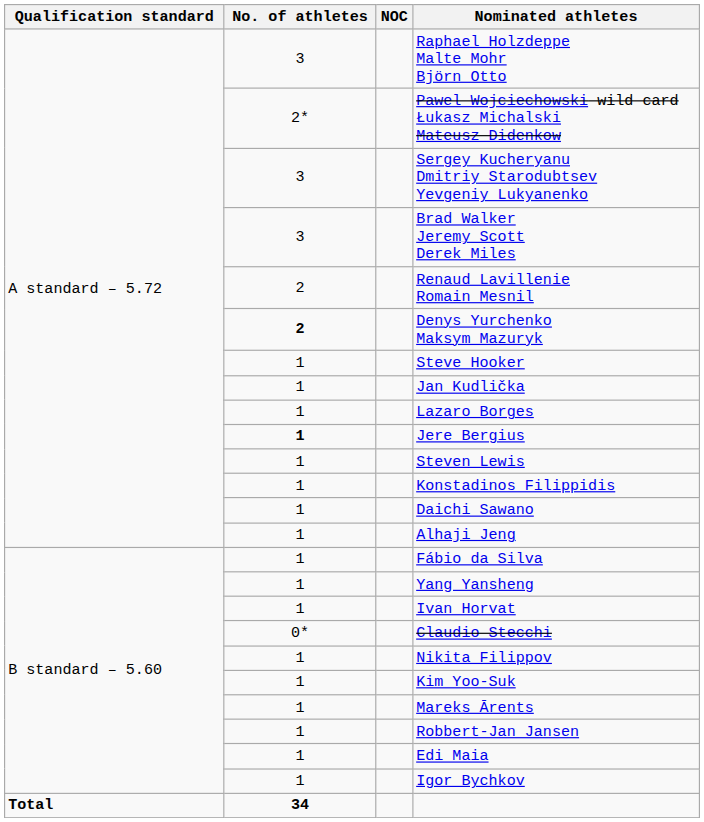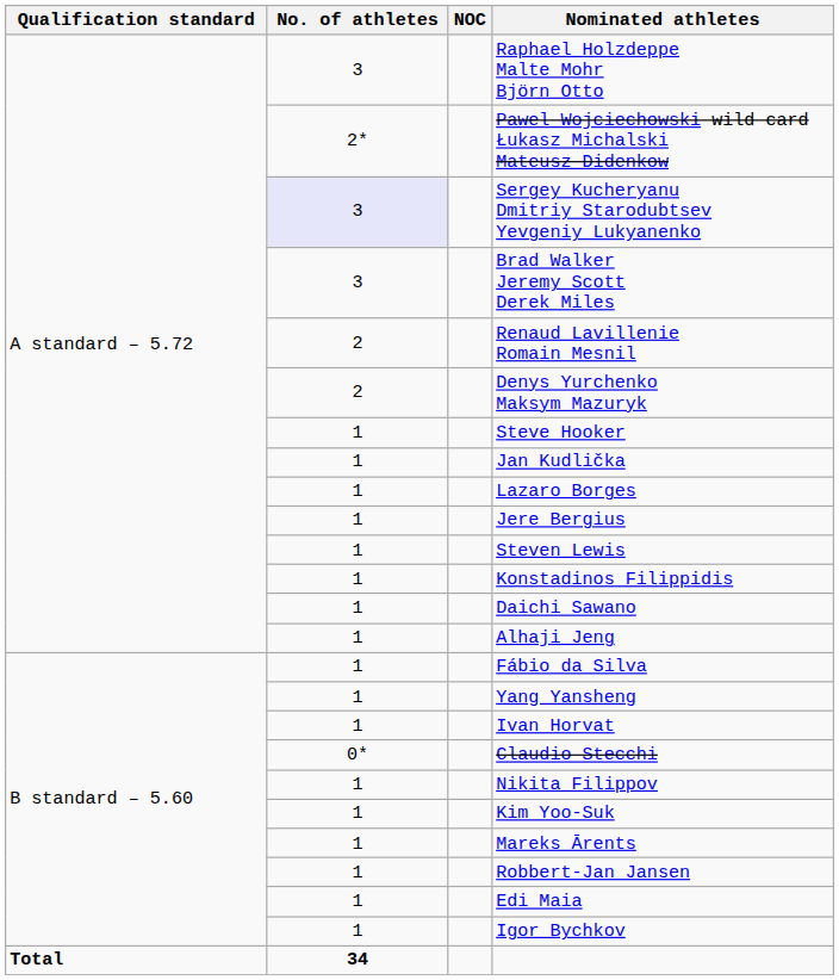 <table class="wikitable"  style="text-align:left; width:600px;">
 <tr>
 <th>Qualification standard</th>
 <th>No. of athletes</th>
 <th>NOC</th>
 <th>Nominated athletes</th>
 </tr>
 <tr>
 <td rowspan="14">A standard – 5.72</td>
 <td align=center>3</td>
 <td></td>
 <td><a href='#'>Raphael Holzdeppe</a><br><a href='#'>Malte Mohr</a><br><a href='#'>Björn Otto</a></td>
 </tr>
 <tr>
 <td align=center>2*</td>
 <td></td>
 <td><s><a href='#'>Pawel Wojciechowski</a> wild card </s><br><a href='#'>Łukasz Michalski</a><br><s><a href='#'>Mateusz Didenkow</a></s></td>
 </tr>
 <tr>
-<td align=center>3</td>
+<td align=center style="background: lavender;">3</td>
 <td></td>
 <td><a href='#'>Sergey Kucheryanu</a><br><a href='#'>Dmitriy Starodubtsev</a><br><a href='#'>Yevgeniy Lukyanenko</a></td>
 </tr>
 <tr>
 <td align=center>3</td>
 <td></td>
 <td><a href='#'>Brad Walker</a><br><a href='#'>Jeremy Scott</a><br><a href='#'>Derek Miles</a></td>
 </tr>
 <tr>
 <td align=center>2</td>
 <td></td>
 <td><a href='#'>Renaud Lavillenie</a><br><a href='#'>Romain Mesnil</a></td>
 </tr>
 <tr>
-<td align=center><strong>2</strong></td>
+<td align=center>2</td>
 <td></td>
 <td><a href='#'>Denys Yurchenko</a><br><a href='#'>Maksym Mazuryk</a></td>
 </tr>
 <tr>
 <td align=center>1</td>
 <td></td>
 <td><a href='#'>Steve Hooker</a></td>
 </tr>
 <tr>
 <td align=center>1</td>
 <td></td>
 <td><a href='#'>Jan Kudlička</a></td>
 </tr>
 <tr>
 <td align=center>1</td>
 <td></td>
 <td><a href='#'>Lazaro Borges</a></td>
 </tr>
 <tr>
-<td align=center><strong>1</strong></td>
+<td align=center>1</td>
 <td></td>
 <td><a href='#'>Jere Bergius</a></td>
 </tr>
 <tr>
 <td align=center>1</td>
 <td></td>
 <td><a href='#'>Steven Lewis</a></td>
 </tr>
 <tr>
 <td align=center>1</td>
 <td></td>
 <td><a href='#'>Konstadinos Filippidis</a></td>
 </tr>
 <tr>
 <td align=center>1</td>
 <td></td>
 <td><a href='#'>Daichi Sawano</a></td>
 </tr>
 <tr>
 <td align=center>1</td>
 <td></td>
 <td><a href='#'>Alhaji Jeng</a></td>
 </tr>
 <tr>
 <td rowspan="10">B standard – 5.60</td>
 <td align=center>1</td>
 <td></td>
 <td><a href='#'>Fábio da Silva</a></td>
 </tr>
 <tr>
 <td align=center>1</td>
 <td></td>
 <td><a href='#'>Yang Yansheng</a></td>
 </tr>
 <tr>
 <td align=center>1</td>
 <td></td>
 <td><a href='#'>Ivan Horvat</a></td>
 </tr>
 <tr>
 <td align=center>0*</td>
 <td></td>
 <td><s><a href='#'>Claudio Stecchi</a></s></td>
 </tr>
 <tr>
 <td align=center>1</td>
 <td></td>
 <td><a href='#'>Nikita Filippov</a></td>
 </tr>
 <tr>
 <td align=center>1</td>
 <td></td>
 <td><a href='#'>Kim Yoo-Suk</a></td>
 </tr>
 <tr>
 <td align=center>1</td>
 <td></td>
 <td><a href='#'>Mareks Ārents</a></td>
 </tr>
 <tr>
 <td align=center>1</td>
 <td></td>
 <td><a href='#'>Robbert-Jan Jansen</a></td>
 </tr>
 <tr>
 <td align=center>1</td>
 <td></td>
 <td><a href='#'>Edi Maia</a></td>
 </tr>
 <tr>
 <td align=center>1</td>
 <td></td>
 <td><a href='#'>Igor Bychkov</a></td>
 </tr>
 <tr>
 <td><strong>Total</strong></td>
 <td align=center><strong>34</strong></td>
 <td></td>
 <td></td>
 </tr>
 </table>
